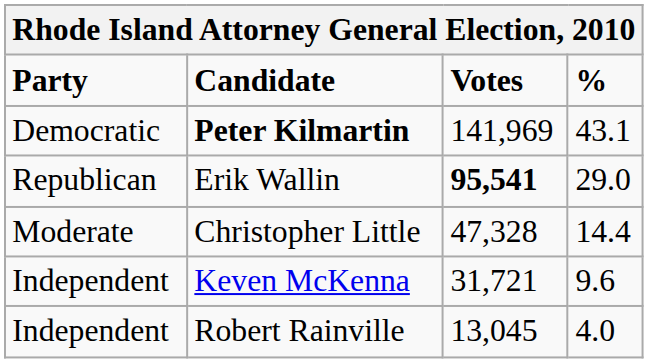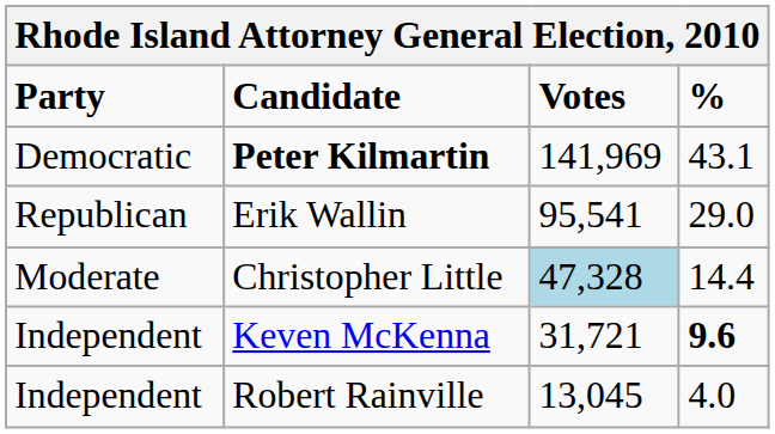 <table class="wikitable">
 <tr>
 <th colspan="4">Rhode Island Attorney General Election, 2010</th>
 </tr>
 <tr>
 <td><strong>Party</strong></td>
 <td><strong>Candidate</strong></td>
 <td><strong>Votes</strong></td>
 <td><strong>%</strong></td>
 </tr>
 <tr>
 <td>Democratic</td>
 <td><strong>Peter Kilmartin</strong></td>
 <td>141,969</td>
 <td>43.1</td>
 </tr>
 <tr>
 <td>Republican</td>
 <td>Erik Wallin</td>
-<td><strong>95,541</strong></td>
+<td>95,541</td>
 <td>29.0</td>
 </tr>
 <tr>
 <td>Moderate</td>
 <td>Christopher Little</td>
-<td>47,328</td>
+<td style="background: lightblue;">47,328</td>
 <td>14.4</td>
 </tr>
 <tr>
 <td>Independent</td>
 <td><a href='#'>Keven McKenna</a></td>
 <td>31,721</td>
-<td>9.6</td>
+<td><strong>9.6</strong></td>
 </tr>
 <tr>
 <td>Independent</td>
 <td>Robert Rainville</td>
 <td>13,045</td>
 <td>4.0</td>
 </tr>
 </table>
